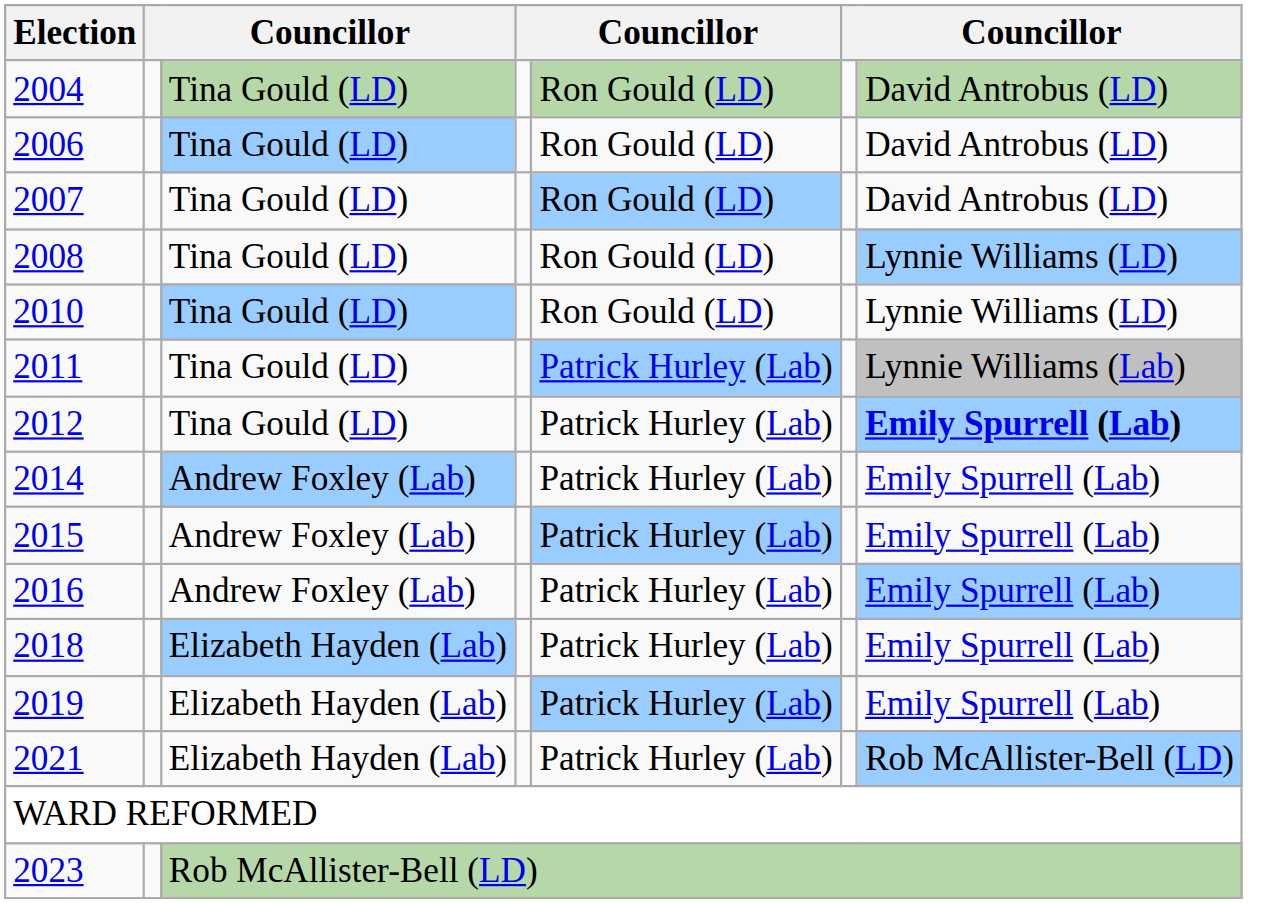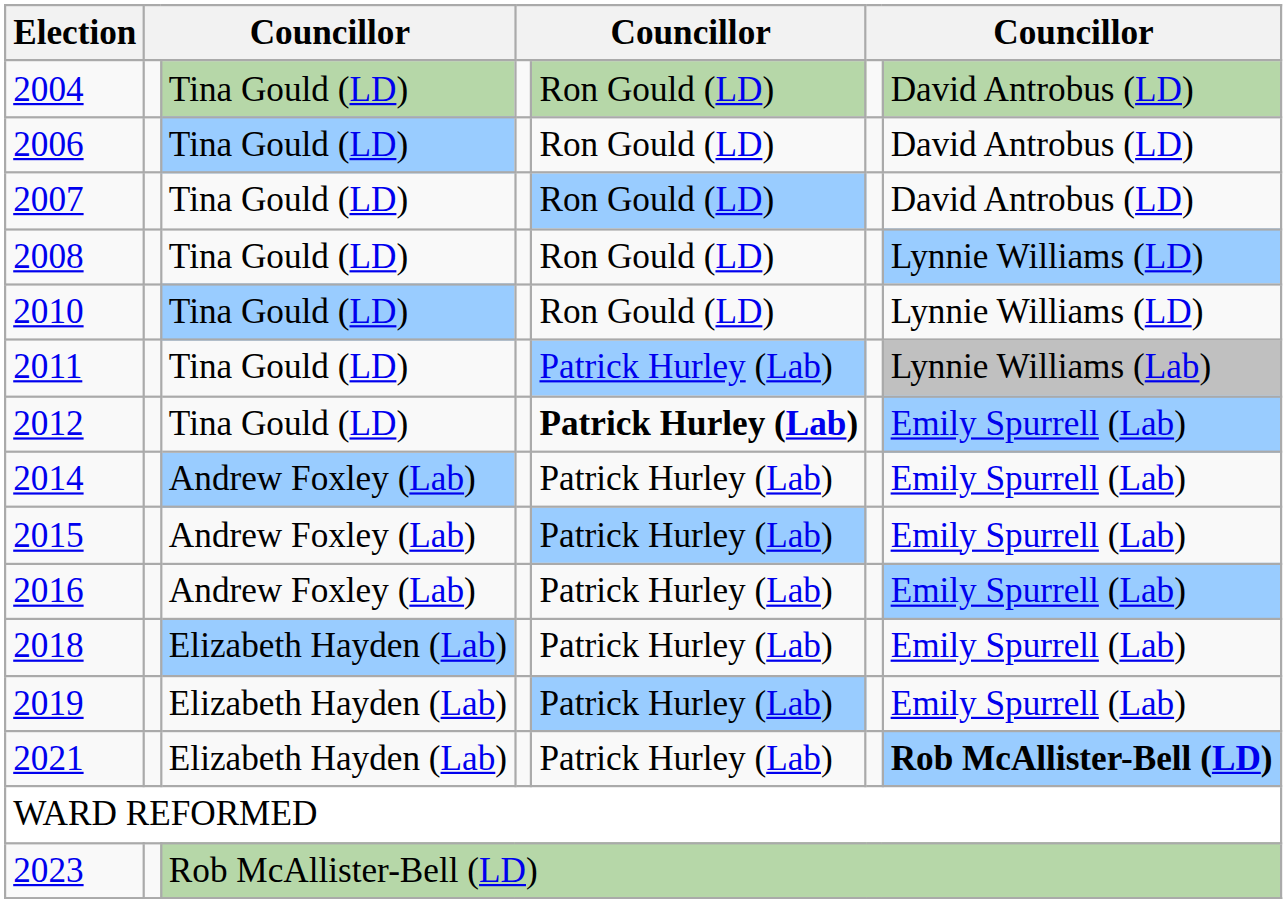 <table class="wikitable">
 <tr>
 <th>Election</th>
 <th colspan="2">Councillor</th>
 <th colspan="2">Councillor</th>
 <th colspan="2">Councillor</th>
 </tr>
 <tr>
 <td><a href='#'>2004</a></td>
 <td style="background-color: "></td>
 <td bgcolor="#B6D7A8">Tina Gould (<a href='#'>LD</a>)</td>
 <td style="background-color: "></td>
 <td bgcolor="#B6D7A8">Ron Gould (<a href='#'>LD</a>)</td>
 <td style="background-color: "></td>
 <td bgcolor="#B6D7A8">David Antrobus (<a href='#'>LD</a>)</td>
 </tr>
 <tr>
 <td><a href='#'>2006</a></td>
 <td style="background-color: "></td>
 <td bgcolor="#99CCFF">Tina Gould (<a href='#'>LD</a>)</td>
 <td style="background-color: "></td>
 <td>Ron Gould (<a href='#'>LD</a>)</td>
 <td style="background-color: "></td>
 <td>David Antrobus (<a href='#'>LD</a>)</td>
 </tr>
 <tr>
 <td><a href='#'>2007</a></td>
 <td style="background-color: "></td>
 <td>Tina Gould (<a href='#'>LD</a>)</td>
 <td style="background-color: "></td>
 <td bgcolor="#99CCFF">Ron Gould (<a href='#'>LD</a>)</td>
 <td style="background-color: "></td>
 <td>David Antrobus (<a href='#'>LD</a>)</td>
 </tr>
 <tr>
 <td><a href='#'>2008</a></td>
 <td style="background-color: "></td>
 <td>Tina Gould (<a href='#'>LD</a>)</td>
 <td style="background-color: "></td>
 <td>Ron Gould (<a href='#'>LD</a>)</td>
 <td style="background-color: "></td>
 <td bgcolor="#99CCFF">Lynnie Williams (<a href='#'>LD</a>)</td>
 </tr>
 <tr>
 <td><a href='#'>2010</a></td>
 <td style="background-color: "></td>
 <td bgcolor="#99CCFF">Tina Gould (<a href='#'>LD</a>)</td>
 <td style="background-color: "></td>
 <td>Ron Gould (<a href='#'>LD</a>)</td>
 <td style="background-color: "></td>
 <td>Lynnie Williams (<a href='#'>LD</a>)</td>
 </tr>
 <tr>
 <td><a href='#'>2011</a></td>
 <td style="background-color: "></td>
 <td>Tina Gould (<a href='#'>LD</a>)</td>
 <td style="background-color: "></td>
 <td bgcolor="#99CCFF"><a href='#'>Patrick Hurley</a> (<a href='#'>Lab</a>)</td>
 <td style="background-color: "></td>
 <td bgcolor="#C0C0C0">Lynnie Williams (<a href='#'>Lab</a>)</td>
 </tr>
 <tr>
 <td><a href='#'>2012</a></td>
 <td style="background-color: "></td>
 <td>Tina Gould (<a href='#'>LD</a>)</td>
 <td style="background-color: "></td>
-<td>Patrick Hurley (<a href='#'>Lab</a>)</td>
+<td><strong>Patrick Hurley (<a href='#'>Lab</a>)</strong></td>
 <td style="background-color: "></td>
-<td bgcolor="#99CCFF"><strong><a href='#'>Emily Spurrell</a> (<a href='#'>Lab</a>)</strong></td>
+<td bgcolor="#99CCFF"><a href='#'>Emily Spurrell</a> (<a href='#'>Lab</a>)</td>
 </tr>
 <tr>
 <td><a href='#'>2014</a></td>
 <td style="background-color: "></td>
 <td bgcolor="#99CCFF">Andrew Foxley (<a href='#'>Lab</a>)</td>
 <td style="background-color: "></td>
 <td>Patrick Hurley (<a href='#'>Lab</a>)</td>
 <td style="background-color: "></td>
 <td><a href='#'>Emily Spurrell</a> (<a href='#'>Lab</a>)</td>
 </tr>
 <tr>
 <td><a href='#'>2015</a></td>
 <td style="background-color: "></td>
 <td>Andrew Foxley (<a href='#'>Lab</a>)</td>
 <td style="background-color: "></td>
 <td bgcolor="#99CCFF">Patrick Hurley (<a href='#'>Lab</a>)</td>
 <td style="background-color: "></td>
 <td><a href='#'>Emily Spurrell</a> (<a href='#'>Lab</a>)</td>
 </tr>
 <tr>
 <td><a href='#'>2016</a></td>
 <td style="background-color: "></td>
 <td>Andrew Foxley (<a href='#'>Lab</a>)</td>
 <td style="background-color: "></td>
 <td>Patrick Hurley (<a href='#'>Lab</a>)</td>
 <td style="background-color: "></td>
 <td bgcolor="#99CCFF"><a href='#'>Emily Spurrell</a> (<a href='#'>Lab</a>)</td>
 </tr>
 <tr>
 <td><a href='#'>2018</a></td>
 <td style="background-color: "></td>
 <td bgcolor="#99CCFF">Elizabeth Hayden (<a href='#'>Lab</a>)</td>
 <td style="background-color: "></td>
 <td>Patrick Hurley (<a href='#'>Lab</a>)</td>
 <td style="background-color: "></td>
 <td><a href='#'>Emily Spurrell</a> (<a href='#'>Lab</a>)</td>
 </tr>
 <tr>
 <td><a href='#'>2019</a></td>
 <td style="background-color: "></td>
 <td>Elizabeth Hayden (<a href='#'>Lab</a>)</td>
 <td style="background-color: "></td>
 <td bgcolor="#99CCFF">Patrick Hurley (<a href='#'>Lab</a>)</td>
 <td style="background-color: "></td>
 <td><a href='#'>Emily Spurrell</a> (<a href='#'>Lab</a>)</td>
 </tr>
 <tr>
 <td><a href='#'>2021</a></td>
 <td style="background-color: "></td>
 <td>Elizabeth Hayden (<a href='#'>Lab</a>)</td>
 <td style="background-color: "></td>
 <td>Patrick Hurley (<a href='#'>Lab</a>)</td>
 <td style="background-color: "></td>
-<td bgcolor="#99CCFF">Rob McAllister-Bell (<a href='#'>LD</a>)</td>
+<td bgcolor="#99CCFF"><strong>Rob McAllister-Bell (<a href='#'>LD</a>)</strong></td>
 </tr>
 <tr>
 <td colspan="8" bgcolor="#FFF"><div>WARD REFORMED</div></td>
 </tr>
 <tr>
 <td><a href='#'>2023</a></td>
 <td style="background-color: "></td>
 <td colspan="6" bgcolor="#B6D7A8">Rob McAllister-Bell (<a href='#'>LD</a>)</td>
 </tr>
 <tr>
 </tr>
 </table>
